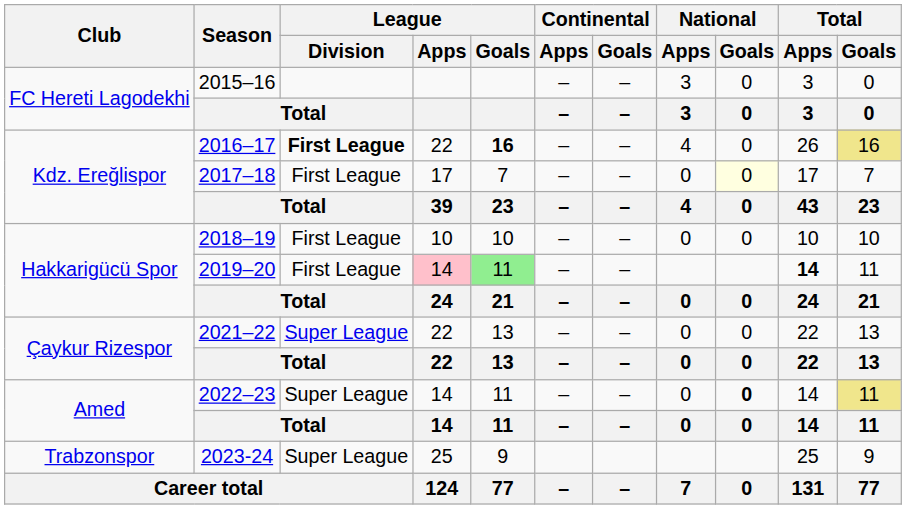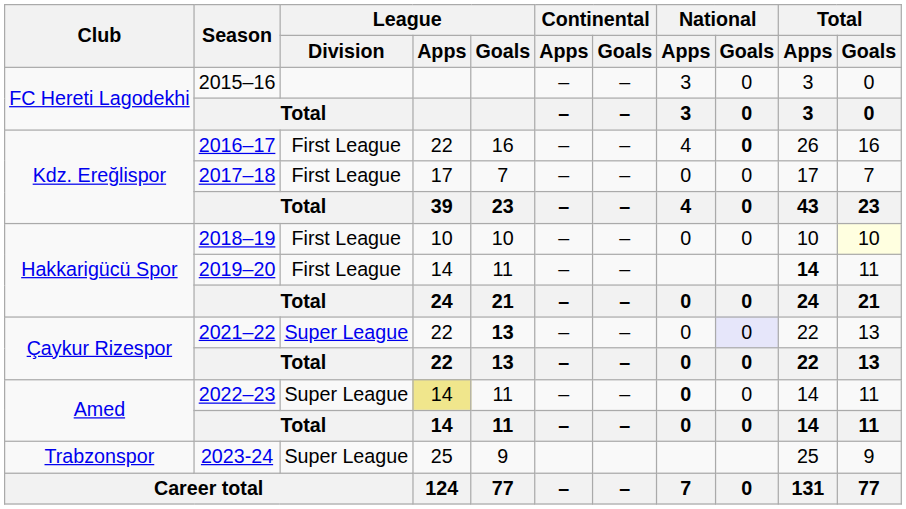 <table class="wikitable" style="text-align: center;">
 <tr>
 <th rowspan="2">Club</th>
 <th rowspan="2">Season</th>
 <th colspan="3">League</th>
 <th colspan="2">Continental</th>
 <th colspan="2">National</th>
 <th colspan="2">Total</th>
 </tr>
 <tr>
 <th>Division</th>
 <th>Apps</th>
 <th>Goals</th>
 <th>Apps</th>
 <th>Goals</th>
 <th>Apps</th>
 <th>Goals</th>
 <th>Apps</th>
 <th>Goals</th>
 </tr>
 <tr>
 <td rowspan=2><a href='#'>FC Hereti Lagodekhi</a></td>
 <td>2015–16</td>
 <td></td>
 <td></td>
 <td></td>
 <td>–</td>
 <td>–</td>
 <td>3</td>
 <td>0</td>
 <td>3</td>
 <td>0</td>
 </tr>
 <tr>
 <th colspan="2">Total</th>
 <th></th>
 <th></th>
 <th>–</th>
 <th>–</th>
 <th>3</th>
 <th>0</th>
 <th>3</th>
 <th>0</th>
 </tr>
 <tr>
 <td rowspan=3><a href='#'>Kdz. Ereğlispor</a></td>
 <td><a href='#'>2016–17</a></td>
-<td><strong>First League</strong></td>
+<td>First League</td>
 <td>22</td>
-<td><strong>16</strong></td>
+<td>16</td>
 <td>–</td>
 <td>–</td>
 <td>4</td>
-<td>0</td>
+<td><strong>0</strong></td>
 <td>26</td>
-<td style="background: khaki;">16</td>
+<td>16</td>
 </tr>
 <tr>
 <td><a href='#'>2017–18</a></td>
 <td>First League</td>
 <td>17</td>
 <td>7</td>
 <td>–</td>
 <td>–</td>
 <td>0</td>
-<td style="background: lightyellow;">0</td>
+<td>0</td>
 <td>17</td>
 <td>7</td>
 </tr>
 <tr>
 <th colspan="2">Total</th>
 <th>39</th>
 <th>23</th>
 <th>–</th>
 <th>–</th>
 <th>4</th>
 <th>0</th>
 <th>43</th>
 <th>23</th>
 </tr>
 <tr>
 <td rowspan=3><a href='#'>Hakkarigücü Spor</a></td>
 <td><a href='#'>2018–19</a></td>
 <td>First League</td>
 <td>10</td>
 <td>10</td>
 <td>–</td>
 <td>–</td>
 <td>0</td>
 <td>0</td>
 <td>10</td>
-<td>10</td>
+<td style="background: lightyellow;">10</td>
 </tr>
 <tr>
 <td><a href='#'>2019–20</a></td>
 <td>First League</td>
-<td style="background: pink;">14</td>
-<td style="background: lightgreen;">11</td>
+<td>14</td>
+<td>11</td>
 <td>–</td>
 <td>–</td>
 <td></td>
 <td></td>
 <td><strong>14</strong></td>
 <td>11</td>
 </tr>
 <tr>
 <th colspan="2">Total</th>
 <th>24</th>
 <th>21</th>
 <th>–</th>
 <th>–</th>
 <th>0</th>
 <th>0</th>
 <th>24</th>
 <th>21</th>
 </tr>
 <tr>
 <td rowspan=2><a href='#'>Çaykur Rizespor</a></td>
 <td><a href='#'>2021–22</a></td>
 <td><a href='#'>Super League</a></td>
 <td>22</td>
-<td>13</td>
+<td><strong>13</strong></td>
 <td>–</td>
 <td>–</td>
 <td>0</td>
-<td>0</td>
+<td style="background: lavender;">0</td>
 <td>22</td>
 <td>13</td>
 </tr>
 <tr>
 <th colspan="2">Total</th>
 <th>22</th>
 <th>13</th>
 <th>–</th>
 <th>–</th>
 <th>0</th>
 <th>0</th>
 <th>22</th>
 <th>13</th>
 </tr>
 <tr>
 <td rowspan=2><a href='#'>Amed</a></td>
 <td><a href='#'>2022–23</a></td>
 <td>Super League</td>
-<td>14</td>
+<td style="background: khaki;">14</td>
 <td>11</td>
 <td>–</td>
 <td>–</td>
+<td><strong>0</strong></td>
 <td>0</td>
-<td><strong>0</strong></td>
 <td>14</td>
-<td style="background: khaki;">11</td>
+<td>11</td>
 </tr>
 <tr>
 <th colspan="2">Total</th>
 <th>14</th>
 <th>11</th>
 <th>–</th>
 <th>–</th>
 <th>0</th>
 <th>0</th>
 <th>14</th>
 <th>11</th>
 </tr>
 <tr>
 <td><a href='#'>Trabzonspor</a></td>
 <td><a href='#'>2023-24</a></td>
 <td>Super League</td>
 <td>25</td>
 <td>9</td>
 <td></td>
 <td></td>
 <td></td>
 <td></td>
 <td>25</td>
 <td>9</td>
 </tr>
 <tr>
 <th colspan="3">Career total</th>
 <th>124</th>
 <th>77</th>
 <th>–</th>
 <th>–</th>
 <th>7</th>
 <th>0</th>
 <th>131</th>
 <th>77</th>
 </tr>
 </table>
